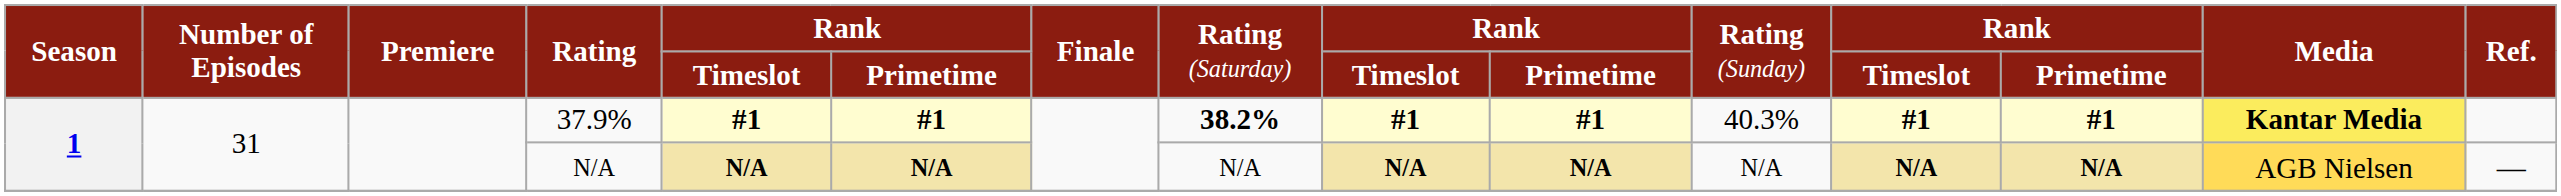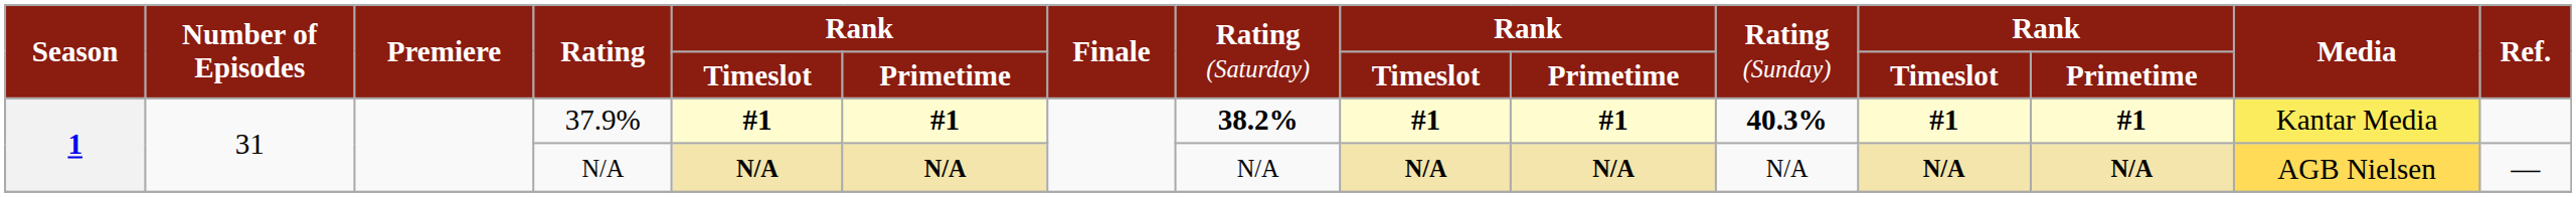 <table class="wikitable" style="text-align:center; background:#f9f9f9; font-size:90%; line-height:16px;" width="100%">
 <tr>
 <th style="background:#8b1c10; color:white;" rowspan="2">Season</th>
 <th style="background:#8b1c10; color:white;" rowspan="2">Number of<br>Episodes</th>
 <th style="background:#8b1c10; color:white;" rowspan="2">Premiere</th>
 <th style="background:#8b1c10; color:white;" rowspan="2">Rating</th>
 <th style="background:#8b1c10; color:white;" colspan="2">Rank</th>
 <th style="background:#8b1c10; color:white;" rowspan="2">Finale</th>
 <td style="background:#8b1c10; color:white;" rowspan="2"><strong>Rating</strong><br><em><small>(Saturday)</small></em></td>
 <th style="background:#8b1c10; color:white;" colspan="2">Rank</th>
 <td style="background:#8b1c10; color:white;" rowspan="2"><strong>Rating</strong><br><em><small>(Sunday)</small></em></td>
 <th style="background:#8b1c10; color:white;" colspan="2">Rank</th>
 <th style="background:#8b1c10; color:white;" rowspan="2">Media</th>
 <th style="background:#8b1c10; color:white;" rowspan="2">Ref.</th>
 </tr>
 <tr>
 <th style="background:#8b1c10; color:white;">Timeslot</th>
 <th style="background:#8b1c10; color:white;">Primetime</th>
 <th style="background:#8b1c10; color:white;">Timeslot</th>
 <th style="background:#8b1c10; color:white;">Primetime</th>
 <th style="background:#8b1c10; color:white;">Timeslot</th>
 <th style="background:#8b1c10; color:white;">Primetime</th>
 </tr>
 <tr>
 <th rowspan="2"><a href='#'><span>1</span></a></th>
 <td rowspan="2">31</td>
 <td rowspan="2"></td>
 <td>37.9%</td>
 <th style="background:#FFFDD0">#1</th>
 <th style="background:#FFFDD0">#1</th>
 <td rowspan="2"></td>
 <td><strong>38.2%</strong></td>
 <th style="background:#FFFDD0">#1</th>
 <th style="background:#FFFDD0">#1</th>
-<td>40.3%</td>
+<td><strong>40.3%</strong></td>
 <th style="background:#FFFDD0">#1</th>
 <th style="background:#FFFDD0">#1</th>
-<td style="background:#FBEC5D"><strong>Kantar Media</strong></td>
+<td style="background:#FBEC5D">Kantar Media</td>
 <td></td>
 </tr>
 <tr>
 <td><small>N/A</small></td>
 <th style="background:#F3E5AB"><small>N/A</small></th>
 <th style="background:#F3E5AB"><small>N/A</small></th>
 <td><small>N/A</small></td>
 <th style="background:#F3E5AB"><small>N/A</small></th>
 <th style="background:#F3E5AB"><small>N/A</small></th>
 <td><small>N/A</small></td>
 <th style="background:#F3E5AB"><small>N/A</small></th>
 <th style="background:#F3E5AB"><small>N/A</small></th>
 <td style="background:#FFDB58">AGB Nielsen</td>
 <td>—</td>
 </tr>
 <tr>
 </tr>
 </table>
